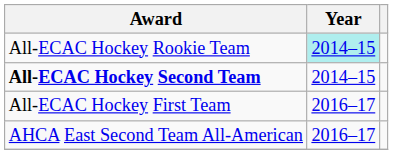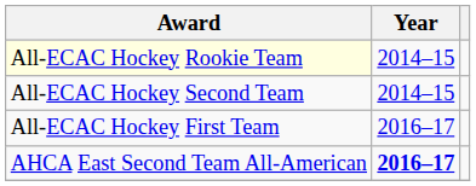 <table class="wikitable">
 <tr>
 <th>Award</th>
 <th>Year</th>
 <th></th>
 </tr>
 <tr>
-<td>All-<a href='#'>ECAC Hockey</a> <a href='#'>Rookie Team</a></td>
-<td style="background: paleturquoise;"><a href='#'>2014–15</a></td>
+<td style="background: lightyellow;">All-<a href='#'>ECAC Hockey</a> <a href='#'>Rookie Team</a></td>
+<td><a href='#'>2014–15</a></td>
 <td></td>
 </tr>
 <tr>
-<td><strong>All-<a href='#'>ECAC Hockey</a> <a href='#'>Second Team</a></strong></td>
+<td>All-<a href='#'>ECAC Hockey</a> <a href='#'>Second Team</a></td>
 <td><a href='#'>2014–15</a></td>
 <td></td>
 </tr>
 <tr>
 <td>All-<a href='#'>ECAC Hockey</a> <a href='#'>First Team</a></td>
 <td><a href='#'>2016–17</a></td>
 <td></td>
 </tr>
 <tr>
 <td><a href='#'>AHCA</a> <a href='#'>East Second Team All-American</a></td>
-<td><a href='#'>2016–17</a></td>
+<td><strong><a href='#'>2016–17</a></strong></td>
 <td></td>
 </tr>
 <tr>
 </tr>
 </table>
